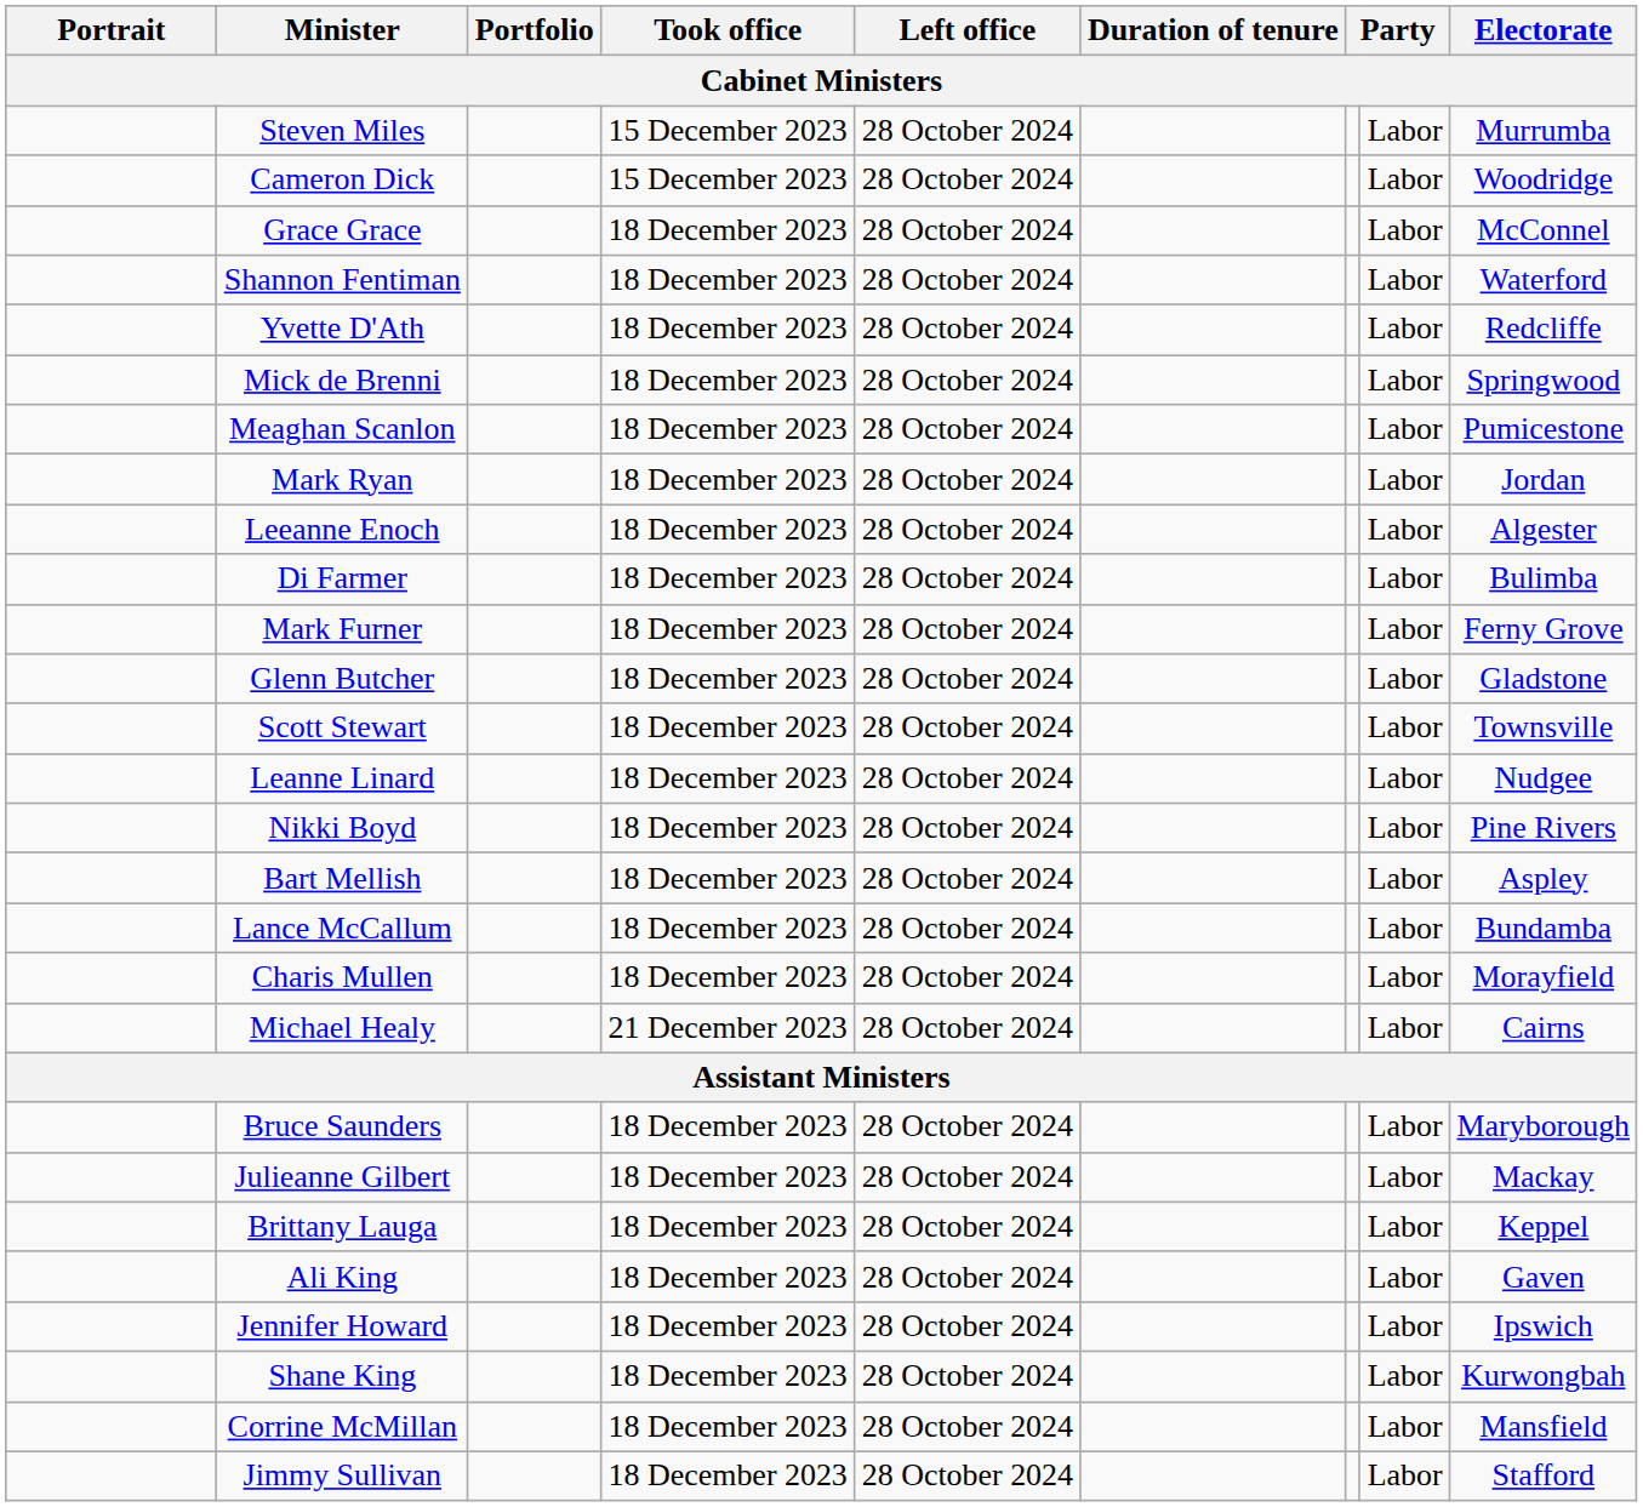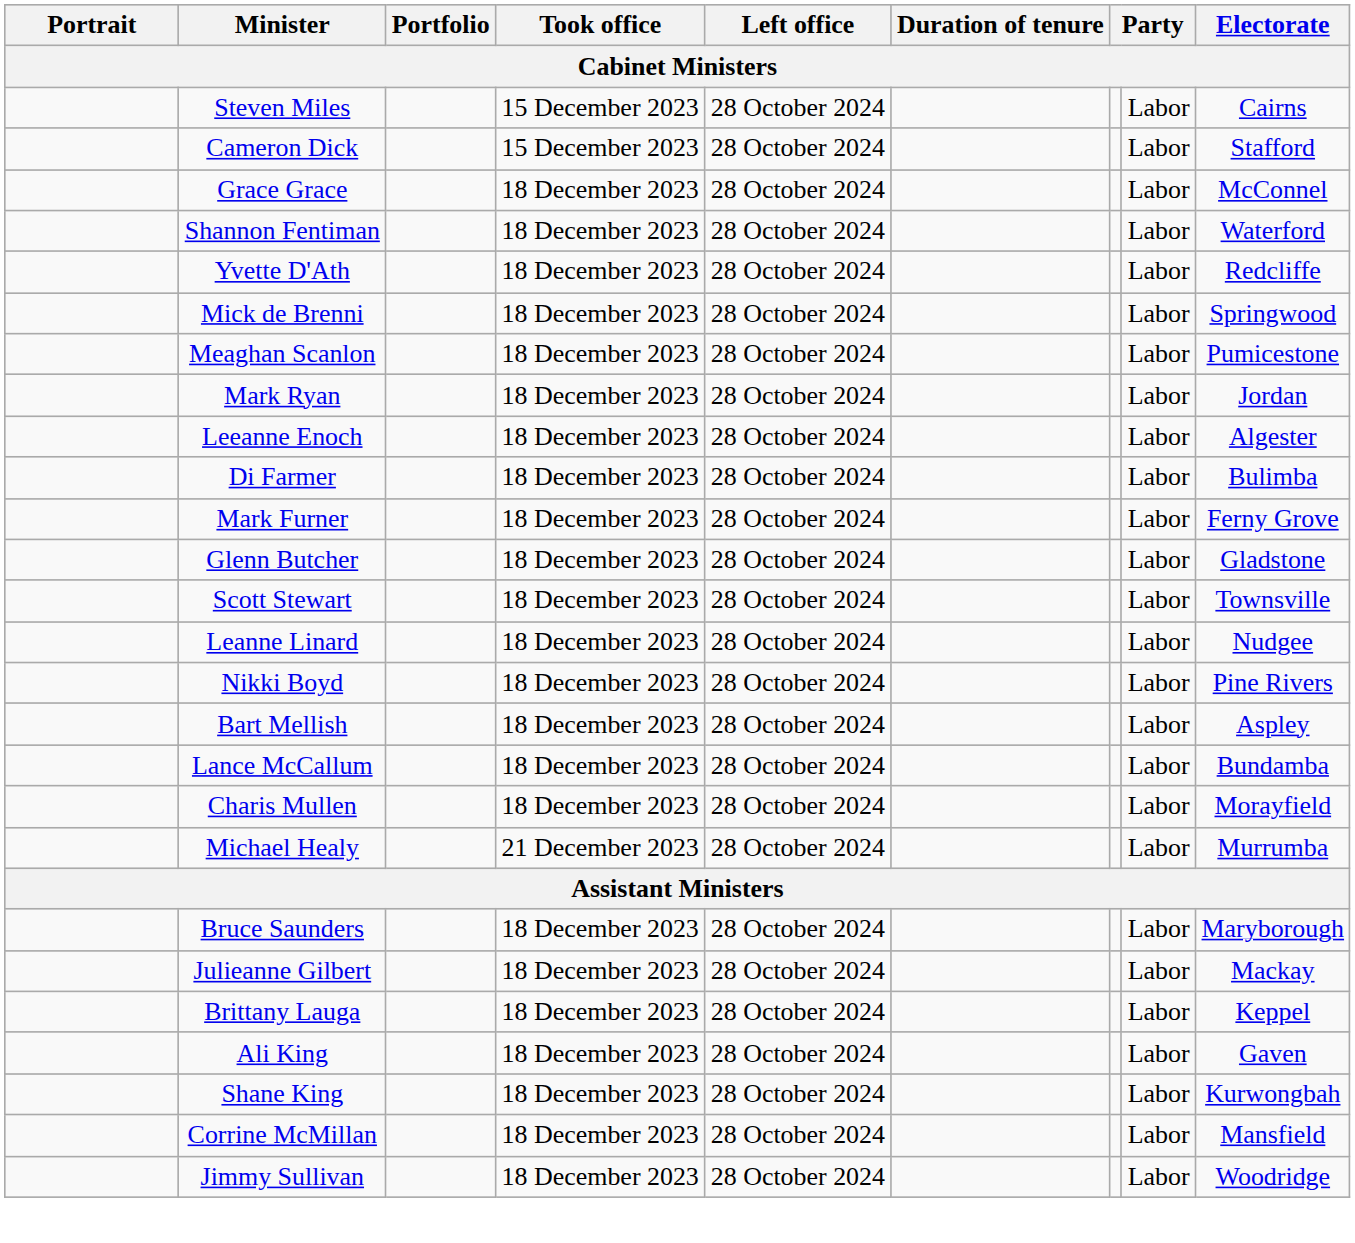 <table class="wikitable sortable" style="border:#555; text-align:center; ">
 <tr>
 <th class="unsortable" style="width:100px;">Portrait</th>
 <th>Minister</th>
 <th>Portfolio</th>
 <th>Took office</th>
 <th>Left office</th>
 <th>Duration of tenure</th>
 <th colspan="2" class="unsortable" style="width:5px;">Party</th>
 <th><a href='#'>Electorate</a></th>
 </tr>
 <tr>
 <th colspan="9">Cabinet Ministers</th>
 </tr>
 <tr>
 <td></td>
 <td><a href='#'>Steven Miles</a></td>
 <td></td>
 <td>15 December 2023</td>
 <td>28 October 2024</td>
 <td></td>
 <td style="background-color: "></td>
 <td>Labor</td>
-<td><a href='#'>Murrumba</a></td>
+<td><a href='#'>Cairns</a></td>
 </tr>
 <tr>
 <td></td>
 <td><a href='#'>Cameron Dick</a></td>
 <td></td>
 <td>15 December 2023</td>
 <td>28 October 2024</td>
 <td></td>
 <td style="background-color: "></td>
 <td>Labor</td>
-<td><a href='#'>Woodridge</a></td>
+<td><a href='#'>Stafford</a></td>
 </tr>
 <tr>
 <td></td>
 <td><a href='#'>Grace Grace</a></td>
 <td></td>
 <td>18 December 2023</td>
 <td>28 October 2024</td>
 <td></td>
 <td style="background-color: "></td>
 <td>Labor</td>
 <td><a href='#'>McConnel</a></td>
 </tr>
 <tr>
 <td></td>
 <td><a href='#'>Shannon Fentiman</a></td>
 <td></td>
 <td>18 December 2023</td>
 <td>28 October 2024</td>
 <td></td>
 <td style="background-color: "></td>
 <td>Labor</td>
 <td><a href='#'>Waterford</a></td>
 </tr>
 <tr>
 <td></td>
 <td><a href='#'>Yvette D'Ath</a></td>
 <td></td>
 <td>18 December 2023</td>
 <td>28 October 2024</td>
 <td></td>
 <td style="background-color: "></td>
 <td>Labor</td>
 <td><a href='#'>Redcliffe</a></td>
 </tr>
 <tr>
 <td></td>
 <td><a href='#'>Mick de Brenni</a></td>
 <td></td>
 <td>18 December 2023</td>
 <td>28 October 2024</td>
 <td></td>
 <td style="background-color: "></td>
 <td>Labor</td>
 <td><a href='#'>Springwood</a></td>
 </tr>
 <tr>
 <td></td>
 <td><a href='#'>Meaghan Scanlon</a></td>
 <td></td>
 <td>18 December 2023</td>
 <td>28 October 2024</td>
 <td></td>
 <td style="background-color: "></td>
 <td>Labor</td>
 <td><a href='#'>Pumicestone</a></td>
 </tr>
 <tr>
 <td></td>
 <td><a href='#'>Mark Ryan</a></td>
 <td></td>
 <td>18 December 2023</td>
 <td>28 October 2024</td>
 <td></td>
 <td style="background-color: "></td>
 <td>Labor</td>
 <td><a href='#'>Jordan</a></td>
 </tr>
 <tr>
 <td></td>
 <td><a href='#'>Leeanne Enoch</a></td>
 <td></td>
 <td>18 December 2023</td>
 <td>28 October 2024</td>
 <td></td>
 <td style="background-color: "></td>
 <td>Labor</td>
 <td><a href='#'>Algester</a></td>
 </tr>
 <tr>
 <td></td>
 <td><a href='#'>Di Farmer</a></td>
 <td></td>
 <td>18 December 2023</td>
 <td>28 October 2024</td>
 <td></td>
 <td style="background-color: "></td>
 <td>Labor</td>
 <td><a href='#'>Bulimba</a></td>
 </tr>
 <tr>
 <td></td>
 <td><a href='#'>Mark Furner</a></td>
 <td></td>
 <td>18 December 2023</td>
 <td>28 October 2024</td>
 <td></td>
 <td style="background-color: "></td>
 <td>Labor</td>
 <td><a href='#'>Ferny Grove</a></td>
 </tr>
 <tr>
 <td></td>
 <td><a href='#'>Glenn Butcher</a></td>
 <td></td>
 <td>18 December 2023</td>
 <td>28 October 2024</td>
 <td></td>
 <td style="background-color: "></td>
 <td>Labor</td>
 <td><a href='#'>Gladstone</a></td>
 </tr>
 <tr>
 <td></td>
 <td><a href='#'>Scott Stewart</a></td>
 <td></td>
 <td>18 December 2023</td>
 <td>28 October 2024</td>
 <td></td>
 <td style="background-color: "></td>
 <td>Labor</td>
 <td><a href='#'>Townsville</a></td>
 </tr>
 <tr>
 <td></td>
 <td><a href='#'>Leanne Linard</a></td>
 <td></td>
 <td>18 December 2023</td>
 <td>28 October 2024</td>
 <td></td>
 <td style="background-color: "></td>
 <td>Labor</td>
 <td><a href='#'>Nudgee</a></td>
 </tr>
 <tr>
 <td></td>
 <td><a href='#'>Nikki Boyd</a></td>
 <td></td>
 <td>18 December 2023</td>
 <td>28 October 2024</td>
 <td></td>
 <td style="background-color: "></td>
 <td>Labor</td>
 <td><a href='#'>Pine Rivers</a></td>
 </tr>
 <tr>
 <td></td>
 <td><a href='#'>Bart Mellish</a></td>
 <td></td>
 <td>18 December 2023</td>
 <td>28 October 2024</td>
 <td></td>
 <td style="background-color: "></td>
 <td>Labor</td>
 <td><a href='#'>Aspley</a></td>
 </tr>
 <tr>
 <td></td>
 <td><a href='#'>Lance McCallum</a></td>
 <td></td>
 <td>18 December 2023</td>
 <td>28 October 2024</td>
 <td></td>
 <td style="background-color: "></td>
 <td>Labor</td>
 <td><a href='#'>Bundamba</a></td>
 </tr>
 <tr>
 <td></td>
 <td><a href='#'>Charis Mullen</a></td>
 <td></td>
 <td>18 December 2023</td>
 <td>28 October 2024</td>
 <td></td>
 <td style="background-color: "></td>
 <td>Labor</td>
 <td><a href='#'>Morayfield</a></td>
 </tr>
 <tr>
 <td></td>
 <td><a href='#'>Michael Healy</a></td>
 <td></td>
 <td>21 December 2023</td>
 <td>28 October 2024</td>
 <td></td>
 <td style="background-color: "></td>
 <td>Labor</td>
-<td><a href='#'>Cairns</a></td>
+<td><a href='#'>Murrumba</a></td>
 </tr>
 <tr>
 <th colspan="9">Assistant Ministers</th>
 </tr>
 <tr>
 <td></td>
 <td><a href='#'>Bruce Saunders</a></td>
 <td></td>
 <td>18 December 2023</td>
 <td>28 October 2024</td>
 <td></td>
 <td style="background-color: "></td>
 <td>Labor</td>
 <td><a href='#'>Maryborough</a></td>
 </tr>
 <tr>
 <td></td>
 <td><a href='#'>Julieanne Gilbert</a></td>
 <td></td>
 <td>18 December 2023</td>
 <td>28 October 2024</td>
 <td></td>
 <td style="background-color: "></td>
 <td>Labor</td>
 <td><a href='#'>Mackay</a></td>
 </tr>
 <tr>
 <td></td>
 <td><a href='#'>Brittany Lauga</a></td>
 <td></td>
 <td>18 December 2023</td>
 <td>28 October 2024</td>
 <td></td>
 <td style="background-color: "></td>
 <td>Labor</td>
 <td><a href='#'>Keppel</a></td>
 </tr>
 <tr>
 <td></td>
 <td><a href='#'>Ali King</a></td>
 <td></td>
 <td>18 December 2023</td>
 <td>28 October 2024</td>
 <td></td>
 <td style="background-color: "></td>
 <td>Labor</td>
 <td><a href='#'>Gaven</a></td>
 </tr>
 <tr>
 <td></td>
-<td><a href='#'>Jennifer Howard</a></td>
-<td></td>
-<td>18 December 2023</td>
-<td>28 October 2024</td>
-<td></td>
-<td style="background-color: "></td>
-<td>Labor</td>
-<td><a href='#'>Ipswich</a></td>
-</tr>
-<tr>
-<td></td>
 <td><a href='#'>Shane King</a></td>
 <td></td>
 <td>18 December 2023</td>
 <td>28 October 2024</td>
 <td></td>
 <td style="background-color: "></td>
 <td>Labor</td>
 <td><a href='#'>Kurwongbah</a></td>
 </tr>
 <tr>
 <td></td>
 <td><a href='#'>Corrine McMillan</a></td>
 <td></td>
 <td>18 December 2023</td>
 <td>28 October 2024</td>
 <td></td>
 <td style="background-color: "></td>
 <td>Labor</td>
 <td><a href='#'>Mansfield</a></td>
 </tr>
 <tr>
 <td></td>
 <td><a href='#'>Jimmy Sullivan</a></td>
 <td></td>
 <td>18 December 2023</td>
 <td>28 October 2024</td>
 <td></td>
 <td style="background-color: "></td>
 <td>Labor</td>
-<td><a href='#'>Stafford</a></td>
+<td><a href='#'>Woodridge</a></td>
 </tr>
 </table>
